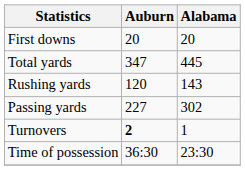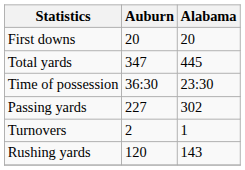 <table class="wikitable" style="float: left;">
 <tr>
 <th>Statistics</th>
 <th>Auburn</th>
 <th>Alabama</th>
 </tr>
 <tr>
 <td>First downs</td>
 <td>20</td>
 <td>20</td>
 </tr>
 <tr>
 <td>Total yards</td>
 <td>347</td>
 <td>445</td>
 </tr>
 <tr>
-<td>Rushing yards</td>
-<td>120</td>
-<td>143</td>
+<td>Time of possession</td>
+<td>36:30</td>
+<td>23:30</td>
 </tr>
 <tr>
 <td>Passing yards</td>
 <td>227</td>
 <td>302</td>
 </tr>
 <tr>
 <td>Turnovers</td>
-<td><strong>2</strong></td>
+<td>2</td>
 <td>1</td>
 </tr>
 <tr>
-<td>Time of possession</td>
-<td>36:30</td>
-<td>23:30</td>
+<td>Rushing yards</td>
+<td>120</td>
+<td>143</td>
 </tr>
 <tr>
 </tr>
 </table>
